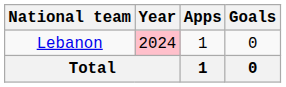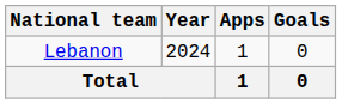 <table class="wikitable" style="text-align:center">
 <tr>
 <th>National team</th>
 <th>Year</th>
 <th>Apps</th>
 <th>Goals</th>
 </tr>
 <tr>
 <td rowspan="1"><a href='#'>Lebanon</a></td>
-<td style="background: pink;">2024</td>
+<td>2024</td>
 <td>1</td>
 <td>0</td>
 </tr>
 <tr>
 <th colspan="2">Total</th>
 <th>1</th>
 <th>0</th>
 </tr>
 </table>
